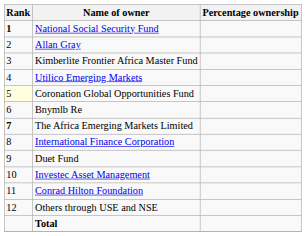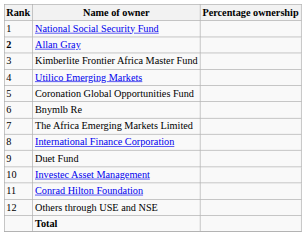 <table class="wikitable sortable" style="margin-left:auto;margin-right:auto">
 <tr>
 <th style="width:2em;">Rank</th>
 <th>Name of owner</th>
 <th>Percentage ownership</th>
 </tr>
 <tr>
-<td><strong>1</strong></td>
+<td>1</td>
 <td><a href='#'>National Social Security Fund</a></td>
 <td style="text-align: center"></td>
 </tr>
 <tr>
-<td>2</td>
+<td><strong>2</strong></td>
 <td><a href='#'>Allan Gray</a></td>
 <td></td>
 </tr>
 <tr>
 <td>3</td>
 <td>Kimberlite Frontier Africa Master Fund</td>
 <td></td>
 </tr>
 <tr>
 <td>4</td>
 <td><a href='#'>Utilico Emerging Markets</a></td>
 <td></td>
 </tr>
 <tr>
-<td style="background: lightyellow;">5</td>
+<td>5</td>
 <td>Coronation Global Opportunities Fund</td>
 <td></td>
 </tr>
 <tr>
 <td>6</td>
 <td>Bnymlb Re</td>
 <td></td>
 </tr>
 <tr>
-<td><strong>7</strong></td>
+<td>7</td>
 <td>The Africa Emerging Markets Limited</td>
 <td></td>
 </tr>
 <tr>
 <td>8</td>
 <td><a href='#'>International Finance Corporation</a></td>
 <td></td>
 </tr>
 <tr>
 <td>9</td>
 <td>Duet Fund</td>
 <td></td>
 </tr>
 <tr>
 <td>10</td>
 <td><a href='#'>Investec Asset Management</a></td>
 <td></td>
 </tr>
 <tr>
 <td>11</td>
 <td><a href='#'>Conrad Hilton Foundation</a></td>
 <td></td>
 </tr>
 <tr>
 <td>12</td>
 <td>Others through USE and NSE</td>
 <td></td>
 </tr>
 <tr>
 <td></td>
 <td><strong>Total</strong></td>
 <td></td>
 </tr>
 <tr>
 </tr>
 </table>
